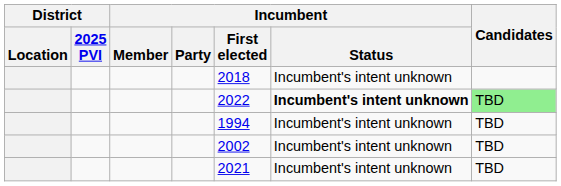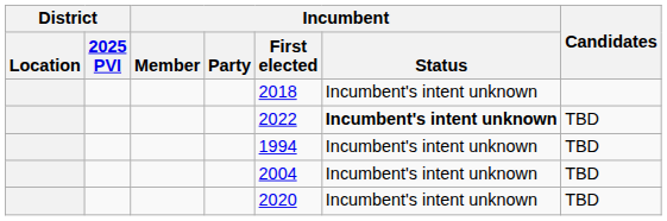 <table class="wikitable sortable">
 <tr>
 <th colspan=2>District</th>
 <th colspan=4>Incumbent</th>
 <th rowspan=2 class="unsortable">Candidates</th>
 </tr>
 <tr valign=bottom>
 <th>Location</th>
 <th><a href='#'>2025<br>PVI</a></th>
 <th>Member</th>
 <th>Party</th>
 <th>First<br>elected</th>
 <th>Status</th>
 </tr>
 <tr>
 <th></th>
 <td></td>
 <td></td>
 <td></td>
 <td><a href='#'>2018</a></td>
 <td>Incumbent's intent unknown</td>
 <td></td>
 </tr>
 <tr>
 <th></th>
 <td></td>
 <td></td>
 <td></td>
 <td><a href='#'>2022</a></td>
 <td><strong>Incumbent's intent unknown</strong></td>
-<td style="background: lightgreen;">TBD</td>
+<td>TBD</td>
 </tr>
 <tr>
 <th></th>
 <td></td>
 <td></td>
 <td></td>
 <td><a href='#'>1994 </a></td>
 <td>Incumbent's intent unknown</td>
 <td>TBD</td>
 </tr>
 <tr>
 <th></th>
 <td></td>
 <td></td>
 <td></td>
-<td><a href='#'>2002</a></td>
+<td><a href='#'>2004</a></td>
 <td>Incumbent's intent unknown</td>
 <td>TBD</td>
 </tr>
 <tr>
 <th></th>
 <td></td>
 <td></td>
 <td></td>
-<td><a href='#'>2021</a></td>
+<td><a href='#'>2020</a></td>
 <td>Incumbent's intent unknown</td>
 <td>TBD</td>
 </tr>
 </table>
